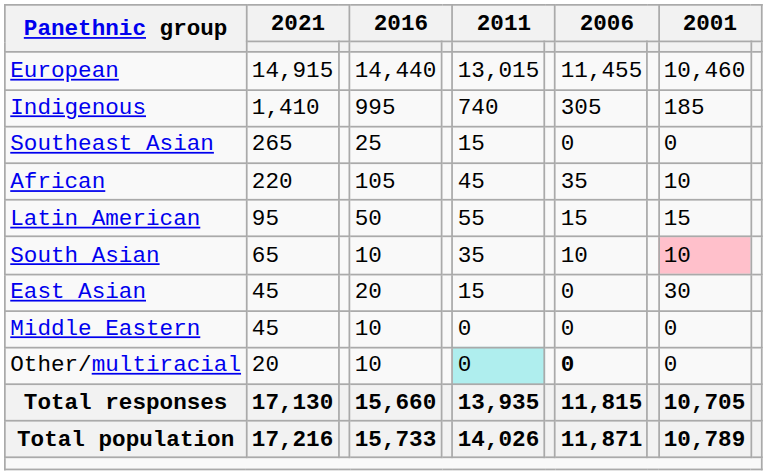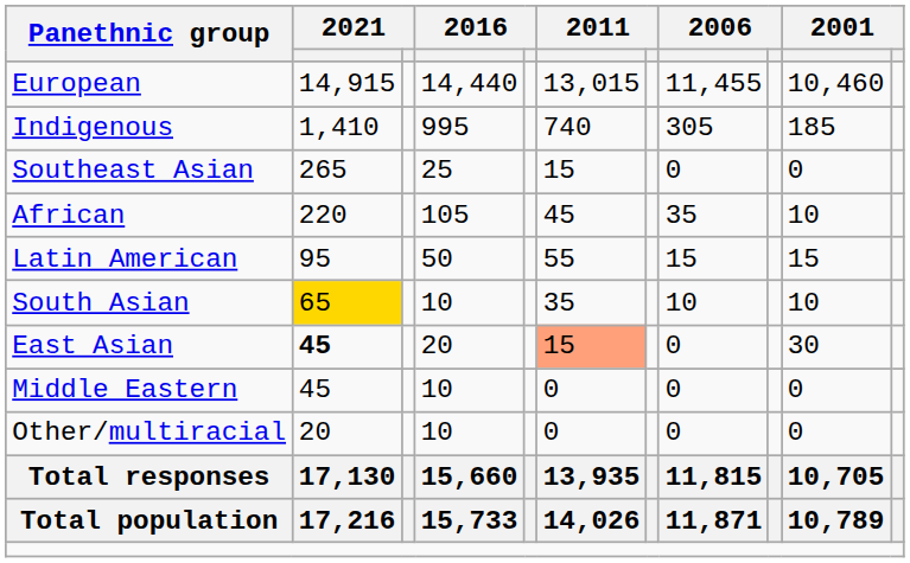 <table class="wikitable">
 <tr>
 <th rowspan="2"><a href='#'>Panethnic</a> group</th>
 <th colspan="2">2021</th>
 <th colspan="2">2016</th>
 <th colspan="2">2011</th>
 <th colspan="2">2006</th>
 <th colspan="2">2001</th>
 </tr>
 <tr>
 <th><a href='#'></a></th>
 <th></th>
 <th></th>
 <th></th>
 <th></th>
 <th></th>
 <th></th>
 <th></th>
 <th></th>
 <th></th>
 </tr>
 <tr>
 <td><a href='#'>European</a></td>
 <td>14,915</td>
 <td></td>
 <td>14,440</td>
 <td></td>
 <td>13,015</td>
 <td></td>
 <td>11,455</td>
 <td></td>
 <td>10,460</td>
 <td></td>
 </tr>
 <tr>
 <td><a href='#'>Indigenous</a></td>
 <td>1,410</td>
 <td></td>
 <td>995</td>
 <td></td>
 <td>740</td>
 <td></td>
 <td>305</td>
 <td></td>
 <td>185</td>
 <td></td>
 </tr>
 <tr>
 <td><a href='#'>Southeast Asian</a></td>
 <td>265</td>
 <td></td>
 <td>25</td>
 <td></td>
 <td>15</td>
 <td></td>
 <td>0</td>
 <td></td>
 <td>0</td>
 <td></td>
 </tr>
 <tr>
 <td><a href='#'>African</a></td>
 <td>220</td>
 <td></td>
 <td>105</td>
 <td></td>
 <td>45</td>
 <td></td>
 <td>35</td>
 <td></td>
 <td>10</td>
 <td></td>
 </tr>
 <tr>
 <td><a href='#'>Latin American</a></td>
 <td>95</td>
 <td></td>
 <td>50</td>
 <td></td>
 <td>55</td>
 <td></td>
 <td>15</td>
 <td></td>
 <td>15</td>
 <td></td>
 </tr>
 <tr>
 <td><a href='#'>South Asian</a></td>
-<td>65</td>
+<td style="background: gold;">65</td>
 <td></td>
 <td>10</td>
 <td></td>
 <td>35</td>
 <td></td>
 <td>10</td>
 <td></td>
-<td style="background: pink;">10</td>
+<td>10</td>
 <td></td>
 </tr>
 <tr>
 <td><a href='#'>East Asian</a></td>
-<td>45</td>
+<td><strong>45</strong></td>
 <td></td>
 <td>20</td>
 <td></td>
-<td>15</td>
+<td style="background: lightsalmon;">15</td>
 <td></td>
 <td>0</td>
 <td></td>
 <td>30</td>
 <td></td>
 </tr>
 <tr>
 <td><a href='#'>Middle Eastern</a></td>
 <td>45</td>
 <td></td>
 <td>10</td>
 <td></td>
 <td>0</td>
 <td></td>
 <td>0</td>
 <td></td>
 <td>0</td>
 <td></td>
 </tr>
 <tr>
 <td>Other/<a href='#'>multiracial</a></td>
 <td>20</td>
 <td></td>
 <td>10</td>
 <td></td>
-<td style="background: paleturquoise;">0</td>
+<td>0</td>
 <td></td>
-<td><strong>0</strong></td>
+<td>0</td>
 <td></td>
 <td>0</td>
 <td></td>
 </tr>
 <tr>
 <th>Total responses</th>
 <th>17,130</th>
 <th></th>
 <th>15,660</th>
 <th></th>
 <th>13,935</th>
 <th></th>
 <th>11,815</th>
 <th></th>
 <th>10,705</th>
 <th></th>
 </tr>
 <tr class="sortbottom">
 <th>Total population</th>
 <th>17,216</th>
 <th></th>
 <th>15,733</th>
 <th></th>
 <th>14,026</th>
 <th></th>
 <th>11,871</th>
 <th></th>
 <th>10,789</th>
 <th></th>
 </tr>
 <tr class="sortbottom">
 <td colspan="11"></td>
 </tr>
 </table>
